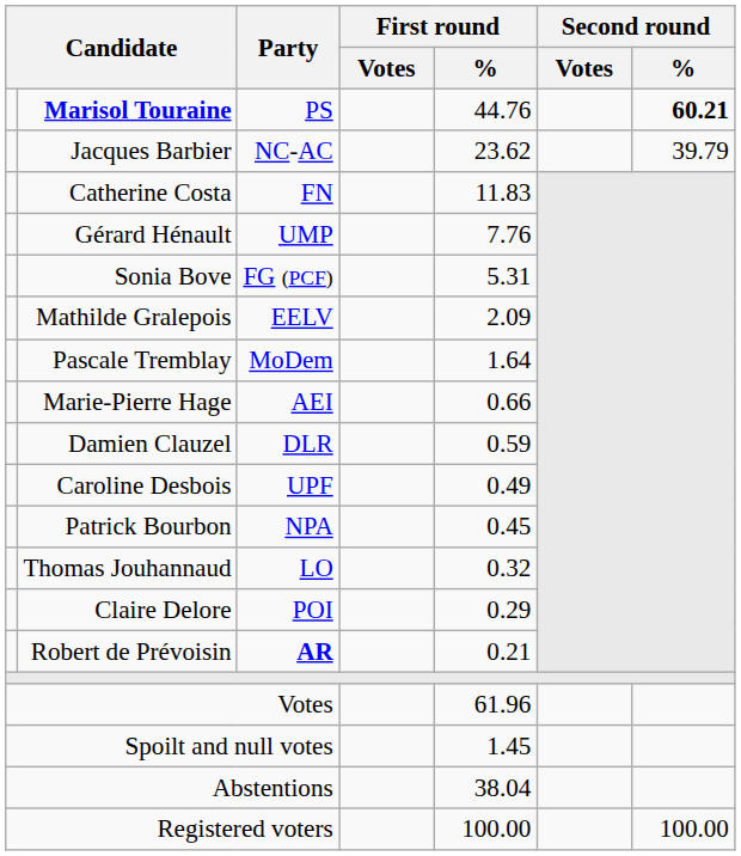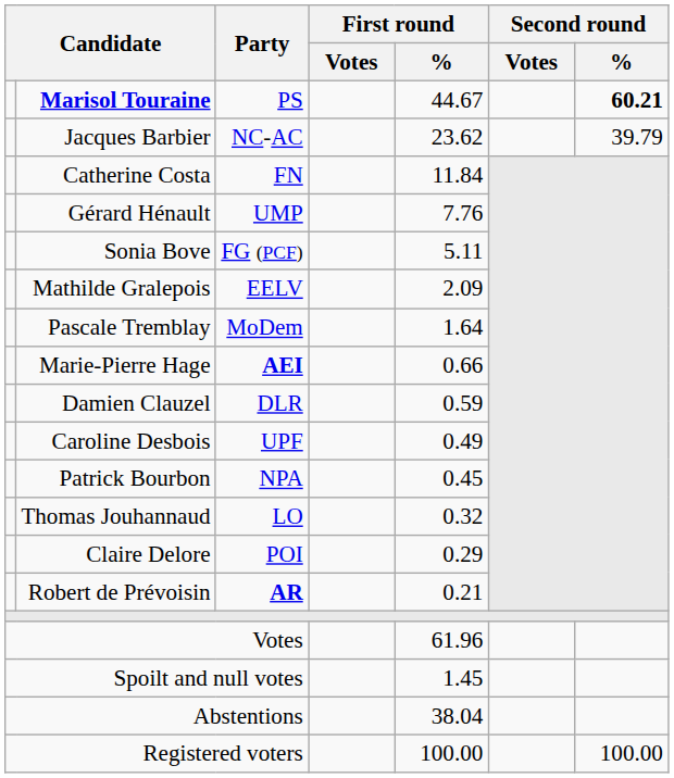 <table class="wikitable" style="text-align:right;font-size:95%;">
 <tr>
 <th rowspan=2 colspan=2>Candidate</th>
 <th rowspan=2 colspan=1>Party</th>
 <th colspan=2>First round</th>
 <th colspan=2>Second round</th>
 </tr>
 <tr>
 <th style="width:50px;">Votes</th>
 <th style="width:55px;">%</th>
 <th style="width:50px;">Votes</th>
 <th style="width:55px;">%</th>
 </tr>
 <tr>
 <td style="color:inherit;background-color:"></td>
 <td><strong><a href='#'>Marisol Touraine</a></strong></td>
 <td><a href='#'>PS</a></td>
 <td></td>
-<td>44.76</td>
+<td>44.67</td>
 <td><strong></strong></td>
 <td><strong>60.21</strong></td>
 </tr>
 <tr>
 <td style="color:inherit;background-color:"></td>
 <td>Jacques Barbier</td>
 <td><a href='#'>NC</a>-<a href='#'>AC</a></td>
 <td></td>
 <td>23.62</td>
 <td></td>
 <td>39.79</td>
 </tr>
 <tr>
 <td style="color:inherit;background-color:"></td>
 <td>Catherine Costa</td>
 <td><a href='#'>FN</a></td>
 <td></td>
-<td>11.83</td>
+<td>11.84</td>
 <td colspan=7 rowspan=12 style="background-color:#E9E9E9;"></td>
 </tr>
 <tr>
 <td style="color:inherit;background-color:"></td>
 <td>Gérard Hénault</td>
 <td><a href='#'>UMP</a></td>
 <td></td>
 <td>7.76</td>
 </tr>
 <tr>
 <td style="color:inherit;background-color:"></td>
 <td>Sonia Bove</td>
 <td><a href='#'>FG</a> <small>(<a href='#'>PCF</a>)</small></td>
 <td></td>
-<td>5.31</td>
+<td>5.11</td>
 </tr>
 <tr>
 <td style="color:inherit;background-color:"></td>
 <td>Mathilde Gralepois</td>
 <td><a href='#'>EELV</a></td>
 <td></td>
 <td>2.09</td>
 </tr>
 <tr>
 <td style="color:inherit;background-color:"></td>
 <td>Pascale Tremblay</td>
 <td><a href='#'>MoDem</a></td>
 <td></td>
 <td>1.64</td>
 </tr>
 <tr>
 <td style="color:inherit;background-color:"></td>
 <td>Marie-Pierre Hage</td>
-<td><a href='#'>AEI</a></td>
+<td><strong><a href='#'>AEI</a></strong></td>
 <td></td>
 <td>0.66</td>
 </tr>
 <tr>
 <td style="color:inherit;background-color:"></td>
 <td>Damien Clauzel</td>
 <td><a href='#'>DLR</a></td>
 <td></td>
 <td>0.59</td>
 </tr>
 <tr>
 <td style="color:inherit;background-color:"></td>
 <td>Caroline Desbois</td>
 <td><a href='#'>UPF</a></td>
 <td></td>
 <td>0.49</td>
 </tr>
 <tr>
 <td style="color:inherit;background-color:"></td>
 <td>Patrick Bourbon</td>
 <td><a href='#'>NPA</a></td>
 <td></td>
 <td>0.45</td>
 </tr>
 <tr>
 <td style="color:inherit;background-color:"></td>
 <td>Thomas Jouhannaud</td>
 <td><a href='#'>LO</a></td>
 <td></td>
 <td>0.32</td>
 </tr>
 <tr>
 <td style="color:inherit;background-color:"></td>
 <td>Claire Delore</td>
 <td><a href='#'>POI</a></td>
 <td></td>
 <td>0.29</td>
 </tr>
 <tr>
 <td style="color:inherit;background-color:"></td>
 <td>Robert de Prévoisin</td>
 <td><strong><a href='#'>AR</a></strong></td>
 <td></td>
 <td>0.21</td>
 </tr>
 <tr>
 <td colspan=7 style="background-color:#E9E9E9;"></td>
 </tr>
 <tr>
 <td colspan=3>Votes</td>
 <td></td>
 <td>61.96</td>
 <td></td>
 <td></td>
 </tr>
 <tr>
 <td colspan=3>Spoilt and null votes</td>
 <td></td>
 <td>1.45</td>
 <td></td>
 <td></td>
 </tr>
 <tr>
 <td colspan=3>Abstentions</td>
 <td></td>
 <td>38.04</td>
 <td></td>
 <td></td>
 </tr>
 <tr>
 <td colspan=3>Registered voters</td>
 <td></td>
 <td>100.00</td>
 <td></td>
 <td>100.00</td>
 </tr>
 </table>
